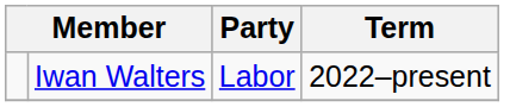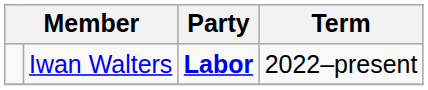 <table class="wikitable">
 <tr>
 <th colspan="2">Member</th>
 <th>Party</th>
 <th>Term</th>
 </tr>
 <tr>
 <td> </td>
 <td><a href='#'>Iwan Walters</a></td>
-<td><a href='#'>Labor</a></td>
+<td><strong><a href='#'>Labor</a></strong></td>
 <td>2022–present</td>
 </tr>
 <tr>
 </tr>
 </table>
